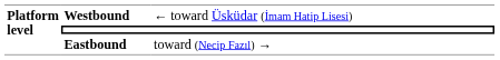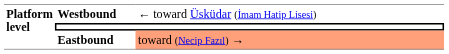 <table cellpadding="3" cellspacing="0" border="0">
 <tr>
 <td rowspan="3" width="50" style="border-top-color: gray; border-bottom-color: gray; border-top-width: 1px; border-bottom-width: 1px; border-top-style: solid; border-bottom-style: solid;" valign="top"><strong>Platform level</strong></td>
 <td width="100" style="border-top-color: gray; border-top-width: 1px; border-top-style: solid;"><strong>Westbound</strong></td>
 <td width="400" style="border-top-color: gray; border-top-width: 1px; border-top-style: solid;">←  toward <a href='#'>Üsküdar</a> <small>(<a href='#'>İmam Hatip Lisesi</a>)</small></td>
 </tr>
 <tr>
 <td colspan="2" style="border: 2px solid black; border-image: none; text-align: center;"></td>
 </tr>
 <tr>
 <td style="border-bottom-color: gray; border-bottom-width: 1px; border-bottom-style: solid;"><strong>Eastbound</strong></td>
-<td style="border-bottom-color: gray; border-bottom-width: 1px; border-bottom-style: solid;"> toward  <small>(<a href='#'>Necip Fazıl</a>)</small> →</td>
+<td style="background: lightsalmon; border-bottom-color: gray; border-bottom-width: 1px; border-bottom-style: solid;"> toward  <small>(<a href='#'>Necip Fazıl</a>)</small> →</td>
 </tr>
 </table>
